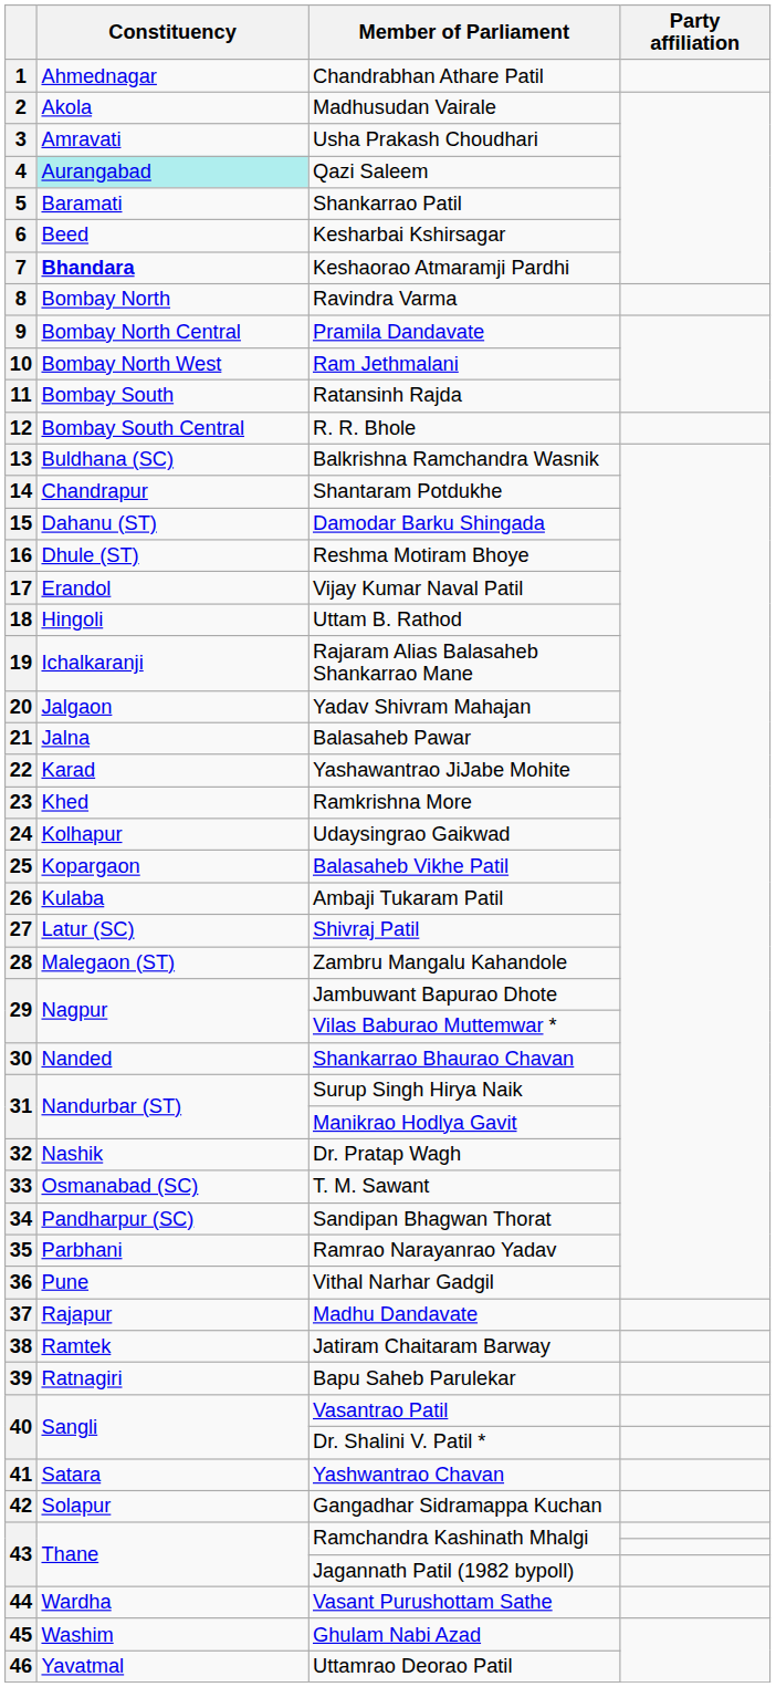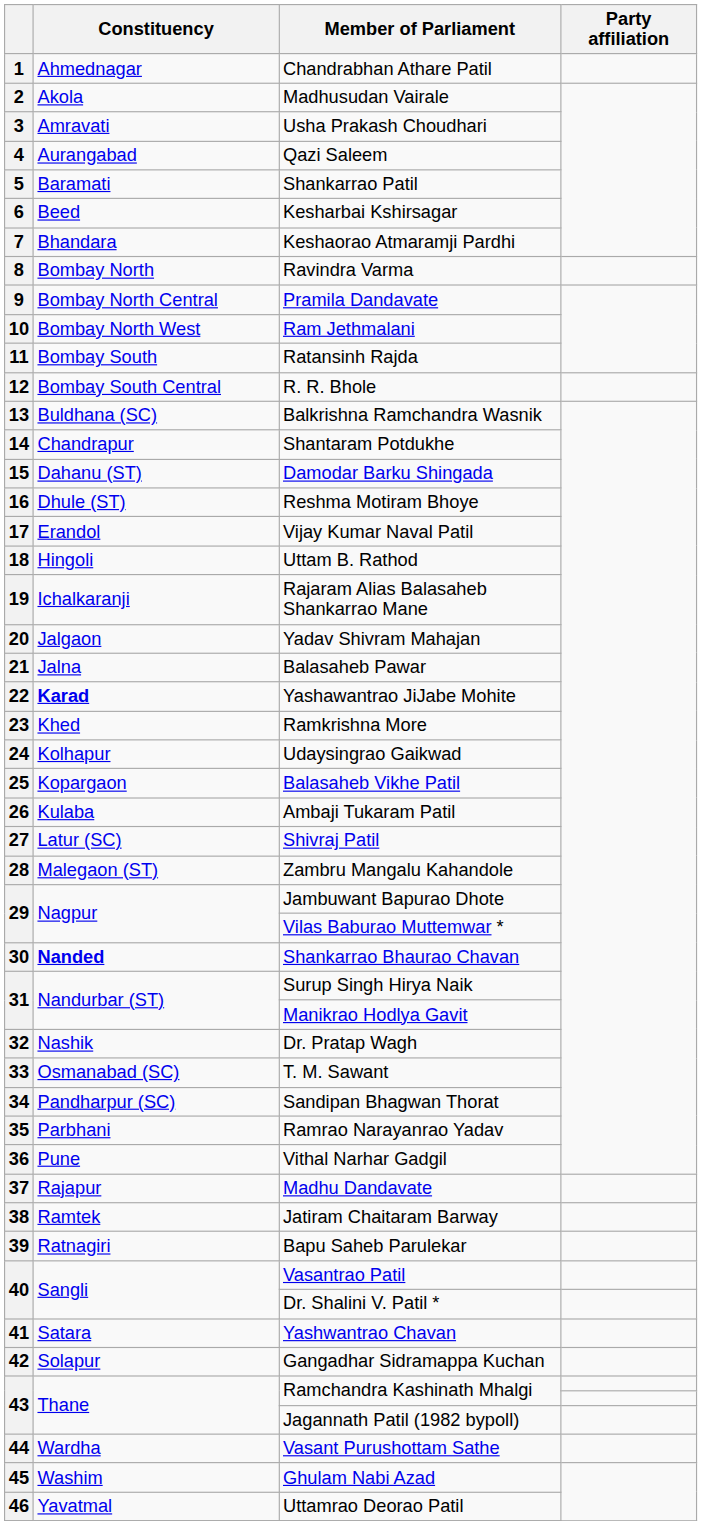 <table class="wikitable sortable">
 <tr style="text-align:center;">
 <th></th>
 <th style="width:13em">Constituency</th>
 <th style="width:15em">Member of Parliament</th>
 <th colspan="2" style="width:15em">Party affiliation</th>
 </tr>
 <tr>
 <th>1</th>
 <td><a href='#'>Ahmednagar</a></td>
 <td>Chandrabhan Athare Patil</td>
 <td></td>
 </tr>
 <tr>
 <th>2</th>
 <td><a href='#'>Akola</a></td>
 <td>Madhusudan Vairale</td>
 </tr>
 <tr>
 <th>3</th>
 <td><a href='#'>Amravati</a></td>
 <td>Usha Prakash Choudhari</td>
 </tr>
 <tr>
 <th>4</th>
-<td style="background: paleturquoise;"><a href='#'>Aurangabad</a></td>
+<td><a href='#'>Aurangabad</a></td>
 <td>Qazi Saleem</td>
 </tr>
 <tr>
 <th>5</th>
 <td><a href='#'>Baramati</a></td>
 <td>Shankarrao Patil</td>
 </tr>
 <tr>
 <th>6</th>
 <td><a href='#'>Beed</a></td>
 <td>Kesharbai Kshirsagar</td>
 </tr>
 <tr>
 <th>7</th>
-<td><strong><a href='#'>Bhandara</a></strong></td>
+<td><a href='#'>Bhandara</a></td>
 <td>Keshaorao Atmaramji Pardhi</td>
 </tr>
 <tr>
 <th>8</th>
 <td><a href='#'>Bombay North</a></td>
 <td>Ravindra Varma</td>
 <td></td>
 </tr>
 <tr>
 <th>9</th>
 <td><a href='#'>Bombay North Central</a></td>
 <td><a href='#'>Pramila Dandavate</a></td>
 </tr>
 <tr>
 <th>10</th>
 <td><a href='#'>Bombay North West</a></td>
 <td><a href='#'>Ram Jethmalani</a></td>
 </tr>
 <tr>
 <th>11</th>
 <td><a href='#'>Bombay South</a></td>
 <td>Ratansinh Rajda</td>
 </tr>
 <tr>
 <th>12</th>
 <td><a href='#'>Bombay South Central</a></td>
 <td>R. R. Bhole</td>
 <td></td>
 </tr>
 <tr>
 <th>13</th>
 <td><a href='#'>Buldhana (SC)</a></td>
 <td>Balkrishna Ramchandra Wasnik</td>
 </tr>
 <tr>
 <th>14</th>
 <td><a href='#'>Chandrapur</a></td>
 <td>Shantaram Potdukhe</td>
 </tr>
 <tr>
 <th>15</th>
 <td><a href='#'>Dahanu (ST)</a></td>
 <td><a href='#'>Damodar Barku Shingada</a></td>
 </tr>
 <tr>
 <th>16</th>
 <td><a href='#'>Dhule (ST)</a></td>
 <td>Reshma Motiram Bhoye</td>
 </tr>
 <tr>
 <th>17</th>
 <td><a href='#'>Erandol</a></td>
 <td>Vijay Kumar Naval Patil</td>
 </tr>
 <tr>
 <th>18</th>
 <td><a href='#'>Hingoli</a></td>
 <td>Uttam B. Rathod</td>
 </tr>
 <tr>
 <th>19</th>
 <td><a href='#'>Ichalkaranji</a></td>
 <td>Rajaram Alias Balasaheb Shankarrao Mane</td>
 </tr>
 <tr>
 <th>20</th>
 <td><a href='#'>Jalgaon</a></td>
 <td>Yadav Shivram Mahajan</td>
 </tr>
 <tr>
 <th>21</th>
 <td><a href='#'>Jalna</a></td>
 <td>Balasaheb Pawar</td>
 </tr>
 <tr>
 <th>22</th>
-<td><a href='#'>Karad</a></td>
+<td><strong><a href='#'>Karad</a></strong></td>
 <td>Yashawantrao JiJabe Mohite</td>
 </tr>
 <tr>
 <th>23</th>
 <td><a href='#'>Khed</a></td>
 <td>Ramkrishna More</td>
 </tr>
 <tr>
 <th>24</th>
 <td><a href='#'>Kolhapur</a></td>
 <td>Udaysingrao Gaikwad</td>
 </tr>
 <tr>
 <th>25</th>
 <td><a href='#'>Kopargaon</a></td>
 <td><a href='#'>Balasaheb Vikhe Patil</a></td>
 </tr>
 <tr>
 <th>26</th>
 <td><a href='#'>Kulaba</a></td>
 <td>Ambaji Tukaram Patil</td>
 </tr>
 <tr>
 <th>27</th>
 <td><a href='#'>Latur (SC)</a></td>
 <td><a href='#'>Shivraj Patil</a></td>
 </tr>
 <tr>
 <th>28</th>
 <td><a href='#'>Malegaon (ST)</a></td>
 <td>Zambru Mangalu Kahandole</td>
 </tr>
 <tr>
 <th rowspan=2>29</th>
 <td rowspan=2><a href='#'>Nagpur</a></td>
 <td>Jambuwant Bapurao Dhote</td>
 </tr>
 <tr>
 <td><a href='#'>Vilas Baburao Muttemwar</a> *</td>
 </tr>
 <tr>
 <th>30</th>
-<td><a href='#'>Nanded</a></td>
+<td><strong><a href='#'>Nanded</a></strong></td>
 <td><a href='#'>Shankarrao Bhaurao Chavan</a></td>
 </tr>
 <tr>
 <th rowspan=2>31</th>
 <td rowspan=2><a href='#'>Nandurbar (ST)</a></td>
 <td>Surup Singh Hirya Naik</td>
 </tr>
 <tr>
 <td><a href='#'>Manikrao Hodlya Gavit</a></td>
 </tr>
 <tr>
 <th>32</th>
 <td><a href='#'>Nashik</a></td>
 <td>Dr. Pratap Wagh</td>
 </tr>
 <tr>
 <th>33</th>
 <td><a href='#'>Osmanabad (SC)</a></td>
 <td>T. M. Sawant</td>
 </tr>
 <tr>
 <th>34</th>
 <td><a href='#'>Pandharpur (SC)</a></td>
 <td>Sandipan Bhagwan Thorat</td>
 </tr>
 <tr>
 <th>35</th>
 <td><a href='#'>Parbhani</a></td>
 <td>Ramrao Narayanrao Yadav</td>
 </tr>
 <tr>
 <th>36</th>
 <td><a href='#'>Pune</a></td>
 <td>Vithal Narhar Gadgil</td>
 </tr>
 <tr>
 <th>37</th>
 <td><a href='#'>Rajapur</a></td>
 <td><a href='#'>Madhu Dandavate</a></td>
 <td></td>
 </tr>
 <tr>
 <th>38</th>
 <td><a href='#'>Ramtek</a></td>
 <td>Jatiram Chaitaram Barway</td>
 <td></td>
 </tr>
 <tr>
 <th>39</th>
 <td><a href='#'>Ratnagiri</a></td>
 <td>Bapu Saheb Parulekar</td>
 <td></td>
 </tr>
 <tr>
 <th rowspan=2>40</th>
 <td rowspan=2><a href='#'>Sangli</a></td>
 <td><a href='#'>Vasantrao Patil</a></td>
 <td></td>
 </tr>
 <tr>
 <td>Dr. Shalini V. Patil *</td>
 </tr>
 <tr>
 <th>41</th>
 <td><a href='#'>Satara</a></td>
 <td><a href='#'>Yashwantrao Chavan</a></td>
 <td></td>
 </tr>
 <tr>
 <th>42</th>
 <td><a href='#'>Solapur</a></td>
 <td>Gangadhar Sidramappa Kuchan</td>
 <td></td>
 </tr>
 <tr>
 <th rowspan=3>43</th>
 <td rowspan=3><a href='#'>Thane</a></td>
 <td rowspan=2>Ramchandra Kashinath Mhalgi</td>
 <td></td>
 </tr>
 <tr>
 <td></td>
 </tr>
 <tr>
 <td>Jagannath Patil (1982 bypoll)</td>
 <td></td>
 </tr>
 <tr>
 <th>44</th>
 <td><a href='#'>Wardha</a></td>
 <td><a href='#'>Vasant Purushottam Sathe</a></td>
 <td></td>
 </tr>
 <tr>
 <th>45</th>
 <td><a href='#'>Washim</a></td>
 <td><a href='#'>Ghulam Nabi Azad</a></td>
 </tr>
 <tr>
 <th>46</th>
 <td><a href='#'>Yavatmal</a></td>
 <td>Uttamrao Deorao Patil</td>
 </tr>
 <tr>
 </tr>
 </table>
